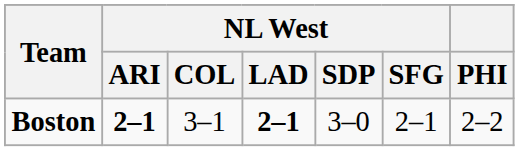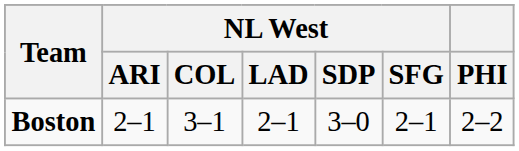 <table class="wikitable" style="text-align:center; font-size: 95%;">
 <tr>
 <th rowspan=2>Team</th>
 <th colspan=5>NL West</th>
 <th> </th>
 </tr>
 <tr>
 <th><strong>ARI</strong></th>
 <th><strong>COL</strong></th>
 <th><strong>LAD</strong></th>
 <th><strong>SDP</strong></th>
 <th><strong>SFG</strong></th>
 <th><strong>PHI</strong></th>
 </tr>
 <tr>
 <td><strong>Boston</strong></td>
-<td><strong>2–1</strong></td>
+<td>2–1</td>
 <td>3–1</td>
-<td><strong>2–1</strong></td>
+<td>2–1</td>
 <td>3–0</td>
 <td>2–1</td>
 <td>2–2</td>
 </tr>
 </table>
